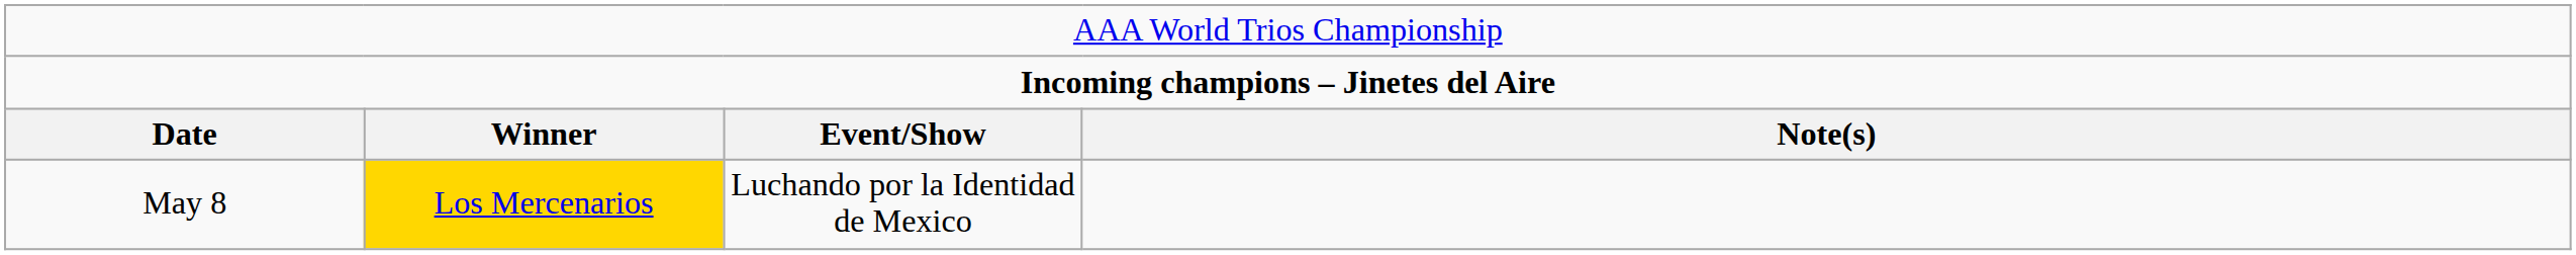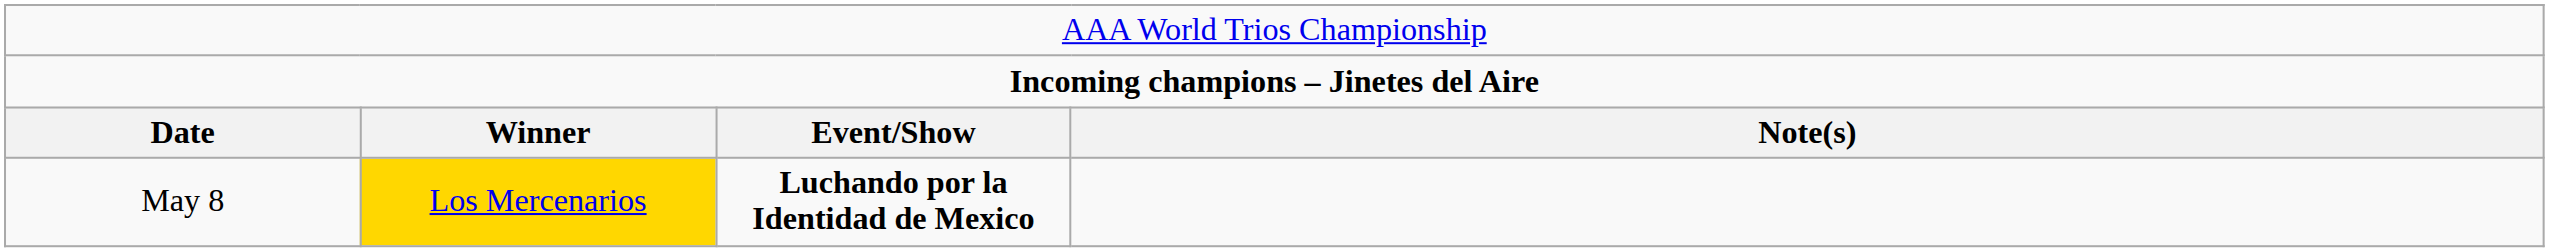 <table class="wikitable" style="text-align:center; width:100%;">
 <tr>
 <td colspan="4" style="text-align: center;"><a href='#'>AAA World Trios Championship</a></td>
 </tr>
 <tr>
 <td colspan="4" style="text-align: center;"><strong>Incoming champions – Jinetes del Aire </strong></td>
 </tr>
 <tr>
 <th width=14%>Date</th>
 <th width=14%>Winner</th>
 <th width=14%>Event/Show</th>
 <th width=58%>Note(s)</th>
 </tr>
 <tr>
 <td>May 8</td>
 <td style="background: gold;"><a href='#'>Los Mercenarios</a><br></td>
-<td>Luchando por la Identidad de Mexico</td>
+<td><strong>Luchando por la Identidad de Mexico</strong></td>
 <td></td>
 </tr>
 </table>
